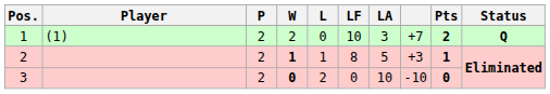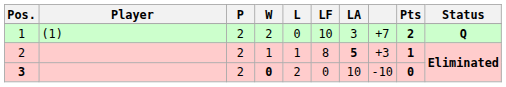 <table class="wikitable" style="text-align:center; margin: 1em auto 1em auto, align:left">
 <tr>
 <th width=25>Pos.</th>
 <th width=200>Player</th>
 <th width=25>P</th>
 <th width=25>W</th>
 <th width=25>L</th>
 <th width=25>LF</th>
 <th width=25>LA</th>
 <th width=25></th>
 <th width=25>Pts</th>
 <th width=75>Status</th>
 </tr>
 <tr>
 </tr>
 <tr style="background:#CCFFCC;">
 <td>1</td>
 <td align=left> (1)</td>
 <td>2</td>
 <td>2</td>
 <td>0</td>
 <td>10</td>
 <td>3</td>
 <td>+7</td>
 <td><strong>2</strong></td>
 <td><strong>Q</strong></td>
 </tr>
 <tr style="background:#FFCCCC;">
 <td>2</td>
 <td align=left></td>
 <td>2</td>
-<td><strong>1</strong></td>
+<td>1</td>
 <td>1</td>
 <td>8</td>
-<td>5</td>
+<td><strong>5</strong></td>
 <td>+3</td>
 <td><strong>1</strong></td>
 <td rowspan=2><strong>Eliminated</strong></td>
 </tr>
 <tr style="background:#FFCCCC;">
-<td>3</td>
+<td><strong>3</strong></td>
 <td align=left></td>
 <td>2</td>
 <td><strong>0</strong></td>
 <td>2</td>
 <td>0</td>
 <td>10</td>
 <td>-10</td>
 <td><strong>0</strong></td>
 </tr>
 </table>
